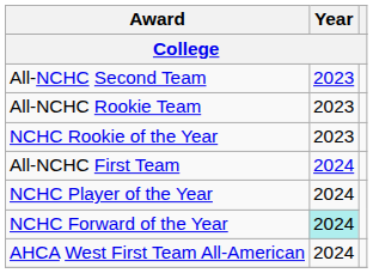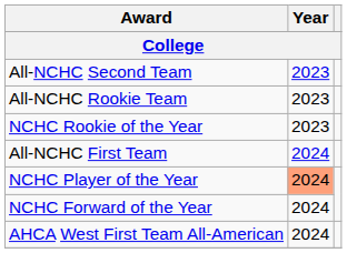 <table class="wikitable">
 <tr>
 <th>Award</th>
 <th>Year</th>
 <th></th>
 </tr>
 <tr ALIGN="center" bgcolor="#e0e0e0">
 </tr>
 <tr ALIGN="center" bgcolor="#e0e0e0">
 <th colspan="3"><a href='#'>College</a></th>
 </tr>
 <tr>
 <td>All-<a href='#'>NCHC</a> <a href='#'>Second Team</a></td>
 <td><a href='#'>2023</a></td>
 <td></td>
 </tr>
 <tr>
 <td>All-NCHC <a href='#'>Rookie Team</a></td>
 <td>2023</td>
 <td></td>
 </tr>
 <tr>
 <td><a href='#'>NCHC Rookie of the Year</a></td>
 <td>2023</td>
 <td></td>
 </tr>
 <tr>
 <td>All-NCHC <a href='#'>First Team</a></td>
 <td><a href='#'>2024</a></td>
 <td></td>
 </tr>
 <tr>
 <td><a href='#'>NCHC Player of the Year</a></td>
-<td>2024</td>
+<td style="background: lightsalmon;">2024</td>
 <td rowspan="2"></td>
 </tr>
 <tr>
 <td><a href='#'>NCHC Forward of the Year</a></td>
-<td style="background: paleturquoise;">2024</td>
+<td>2024</td>
 </tr>
 <tr>
 <td><a href='#'>AHCA</a> <a href='#'>West First Team All-American</a></td>
 <td>2024</td>
 <td></td>
 </tr>
 <tr>
 </tr>
 </table>
